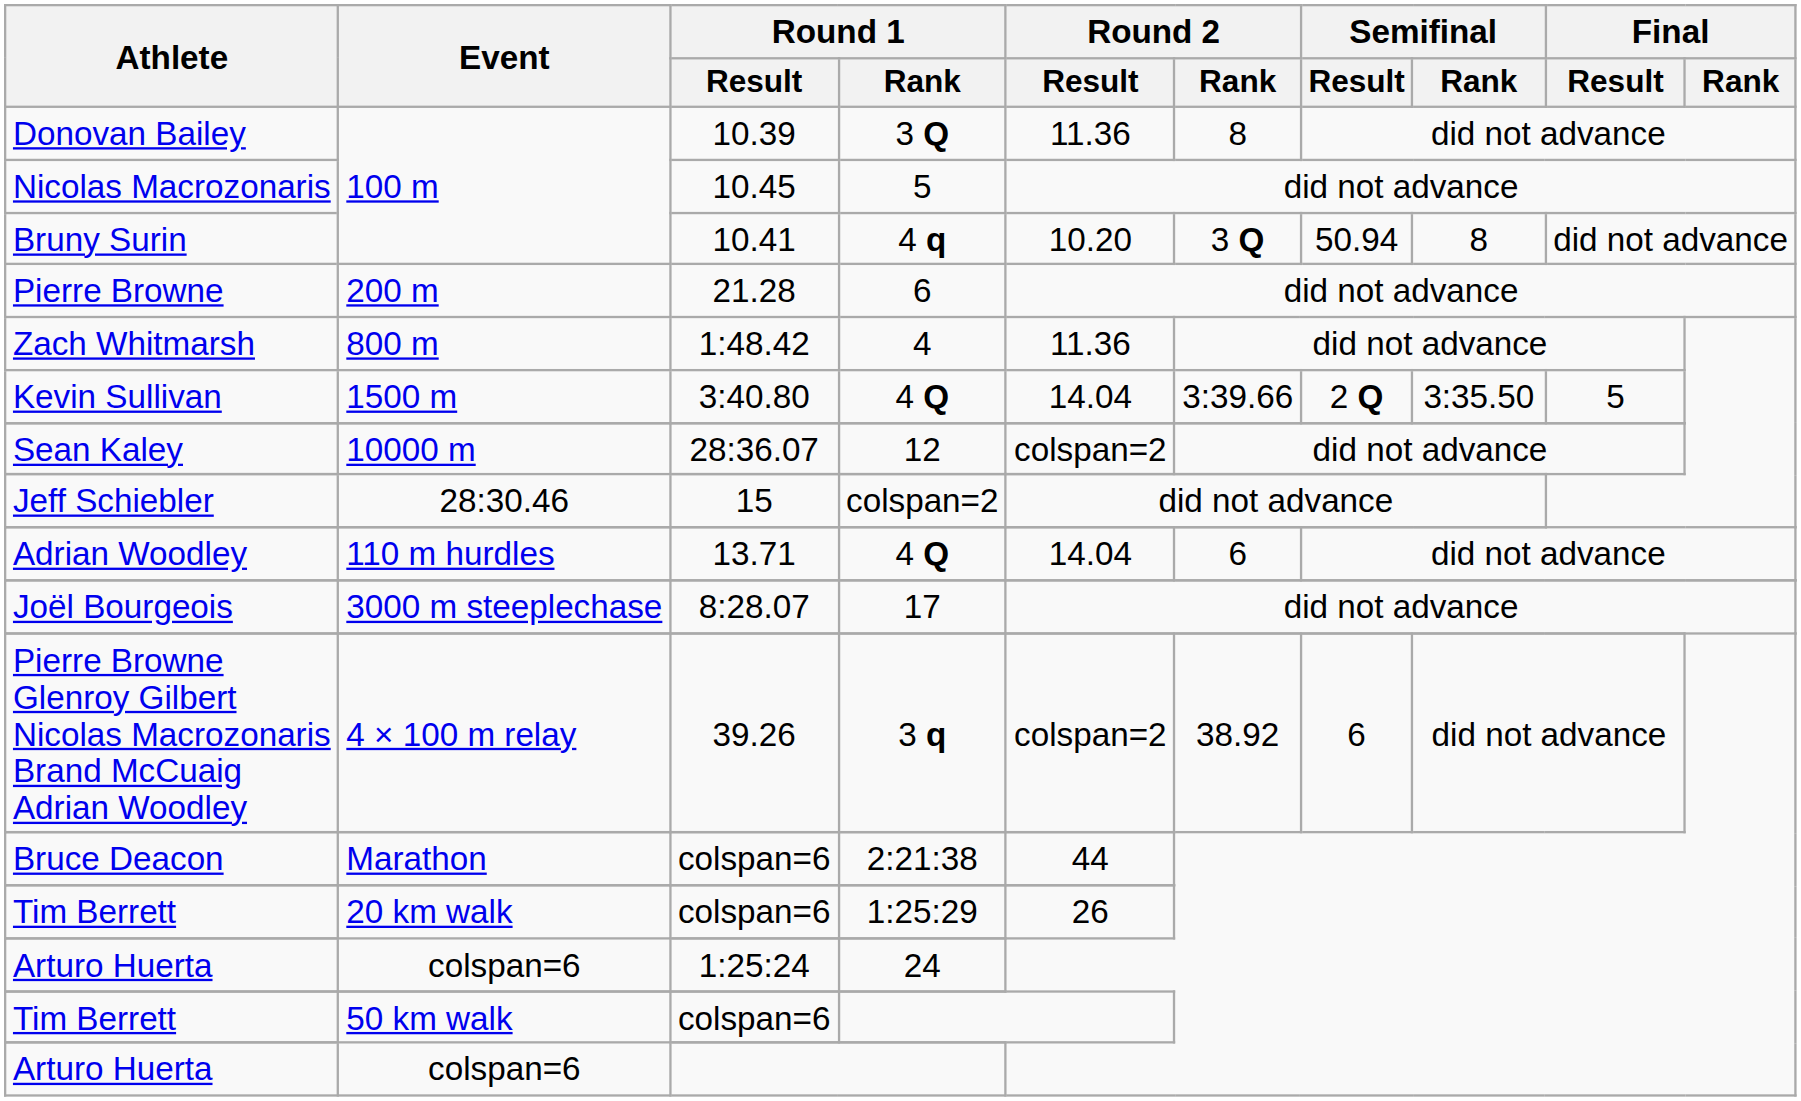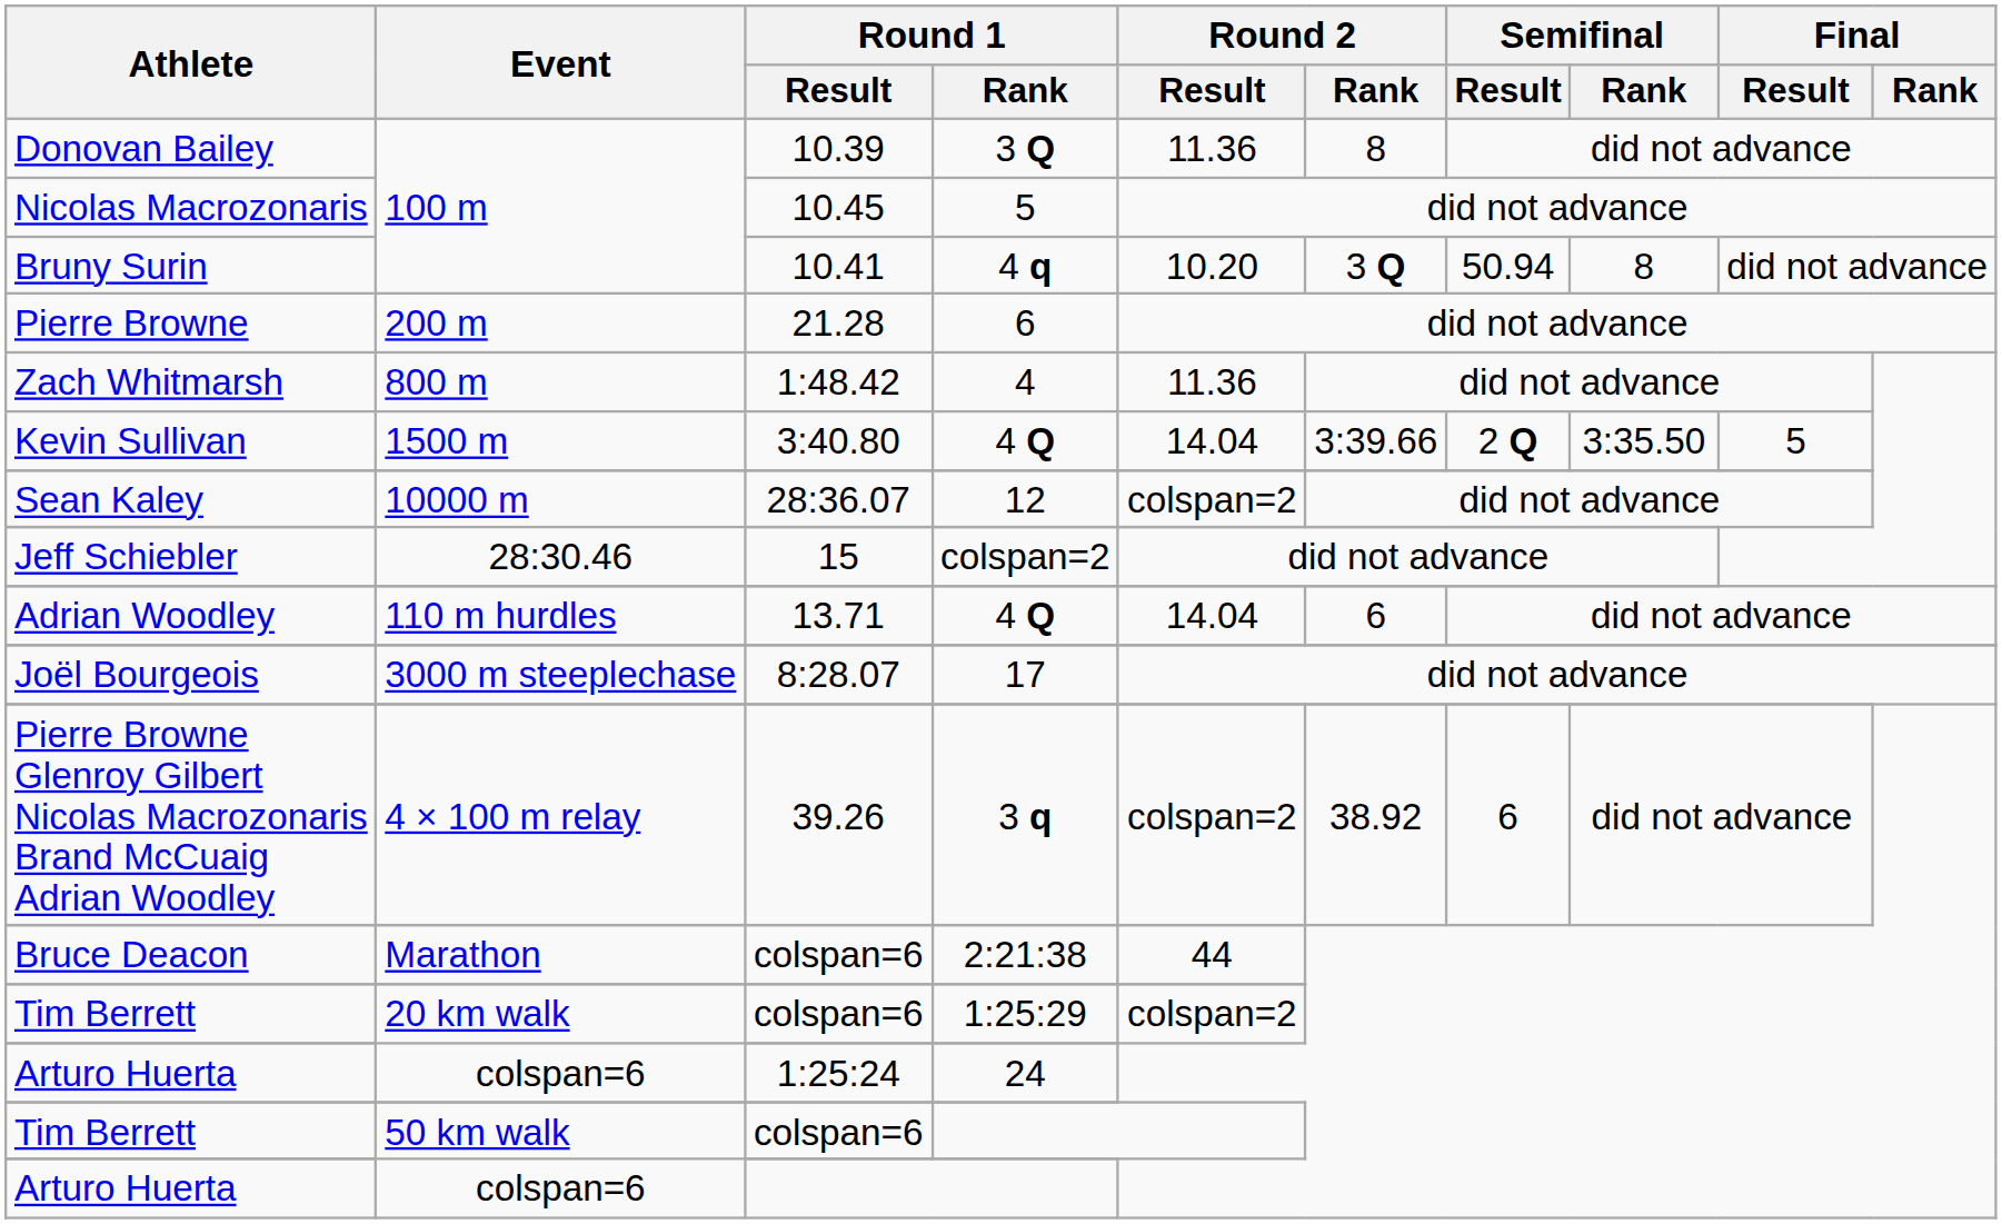 <table class="wikitable" style="font-size:90%">
 <tr>
 <th rowspan="2">Athlete</th>
 <th rowspan="2">Event</th>
 <th colspan="2">Round 1</th>
 <th colspan="2">Round 2</th>
 <th colspan="2">Semifinal</th>
 <th colspan="2">Final</th>
 </tr>
 <tr style="font-size:95%">
 <th>Result</th>
 <th>Rank</th>
 <th>Result</th>
 <th>Rank</th>
 <th>Result</th>
 <th>Rank</th>
 <th>Result</th>
 <th>Rank</th>
 </tr>
 <tr align=center>
 <td align=left><a href='#'>Donovan Bailey</a></td>
 <td align=left rowspan=3><a href='#'>100 m</a></td>
 <td>10.39</td>
 <td>3 <strong>Q</strong></td>
 <td>11.36</td>
 <td>8</td>
 <td colspan=4>did not advance</td>
 </tr>
 <tr align=center>
 <td align=left><a href='#'>Nicolas Macrozonaris</a></td>
 <td>10.45</td>
 <td>5</td>
 <td colspan=6>did not advance</td>
 </tr>
 <tr align=center>
 <td align=left><a href='#'>Bruny Surin</a></td>
 <td>10.41</td>
 <td>4 <strong>q</strong></td>
 <td>10.20</td>
 <td>3 <strong>Q</strong></td>
 <td>50.94</td>
 <td>8</td>
 <td colspan=2>did not advance</td>
 </tr>
 <tr align=center>
 <td align=left><a href='#'>Pierre Browne</a></td>
 <td align=left><a href='#'>200 m</a></td>
 <td>21.28</td>
 <td>6</td>
 <td colspan=6>did not advance</td>
 </tr>
 <tr align=center>
 <td align=left><a href='#'>Zach Whitmarsh</a></td>
 <td align=left><a href='#'>800 m</a></td>
 <td>1:48.42</td>
 <td>4</td>
 <td>11.36</td>
 <td colspan=4>did not advance</td>
 </tr>
 <tr align=center>
 <td align=left><a href='#'>Kevin Sullivan</a></td>
 <td align=left><a href='#'>1500 m</a></td>
 <td>3:40.80</td>
 <td>4 <strong>Q</strong></td>
 <td>14.04</td>
 <td>3:39.66</td>
 <td>2 <strong>Q</strong></td>
 <td>3:35.50</td>
 <td>5</td>
 </tr>
 <tr>
 </tr>
 <tr align=center>
 <td align=left><a href='#'>Sean Kaley</a></td>
 <td align=left rowspan=2><a href='#'>10000 m</a></td>
 <td>28:36.07</td>
 <td>12</td>
 <td>colspan=2 </td>
 <td colspan=4>did not advance</td>
 </tr>
 <tr>
 </tr>
 <tr align=center>
 <td align=left><a href='#'>Jeff Schiebler</a></td>
 <td>28:30.46</td>
 <td>15</td>
 <td>colspan=2 </td>
 <td colspan=4>did not advance</td>
 </tr>
 <tr>
 </tr>
 <tr align=center>
 <td align=left><a href='#'>Adrian Woodley</a></td>
 <td align=left><a href='#'>110 m hurdles</a></td>
 <td>13.71</td>
 <td>4 <strong>Q</strong></td>
 <td>14.04</td>
 <td>6</td>
 <td colspan=4>did not advance</td>
 </tr>
 <tr>
 </tr>
 <tr align=center>
 <td align=left><a href='#'>Joël Bourgeois</a></td>
 <td align=left><a href='#'>3000 m steeplechase</a></td>
 <td>8:28.07</td>
 <td>17</td>
 <td colspan=6>did not advance</td>
 </tr>
 <tr>
 </tr>
 <tr align=center>
 <td align=left><a href='#'>Pierre Browne</a><br><a href='#'>Glenroy Gilbert</a><br><a href='#'>Nicolas Macrozonaris</a><br><a href='#'>Brand McCuaig</a><br><a href='#'>Adrian Woodley</a></td>
 <td align=left><a href='#'>4 × 100 m relay</a></td>
 <td>39.26</td>
 <td>3 <strong>q</strong></td>
 <td>colspan=2 </td>
 <td>38.92</td>
 <td>6</td>
 <td colspan=2>did not advance</td>
 </tr>
 <tr>
 </tr>
 <tr align=center>
 <td align=left><a href='#'>Bruce Deacon</a></td>
 <td align=left><a href='#'>Marathon</a></td>
 <td>colspan=6 </td>
 <td>2:21:38</td>
 <td>44</td>
 </tr>
 <tr>
 </tr>
 <tr align=center>
 <td align=left><a href='#'>Tim Berrett</a></td>
 <td align=left rowspan=2><a href='#'>20 km walk</a></td>
 <td>colspan=6 </td>
 <td>1:25:29</td>
-<td>26</td>
+<td>colspan=2 </td>
 </tr>
 <tr>
 </tr>
 <tr align=center>
 <td align=left><a href='#'>Arturo Huerta</a></td>
 <td>colspan=6 </td>
 <td>1:25:24</td>
 <td>24</td>
 </tr>
 <tr>
 </tr>
 <tr align=center>
 <td align=left><a href='#'>Tim Berrett</a></td>
 <td align=left rowspan=2><a href='#'>50 km walk</a></td>
 <td>colspan=6 </td>
 <td colspan=2></td>
 </tr>
 <tr>
 </tr>
 <tr align=center>
 <td align=left><a href='#'>Arturo Huerta</a></td>
 <td>colspan=6 </td>
 <td colspan=2></td>
 </tr>
 </table>
